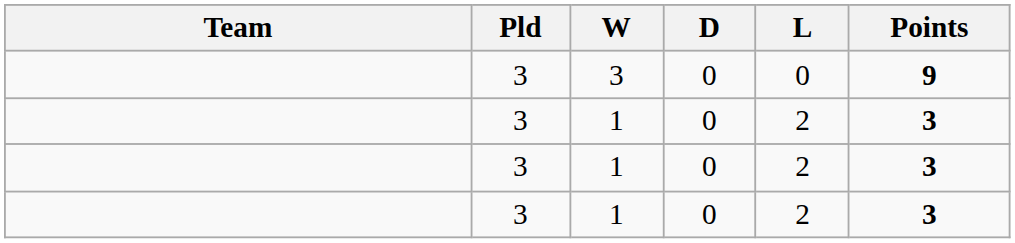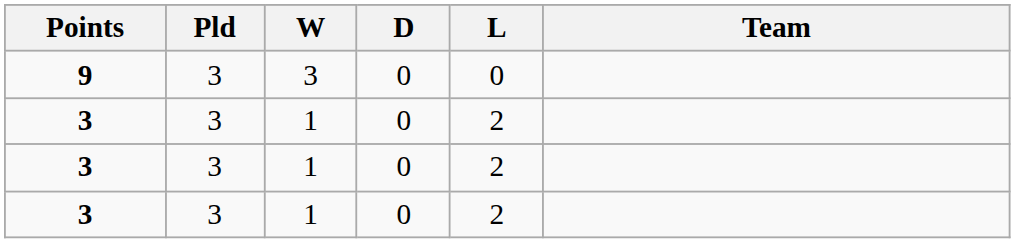 <table class=wikitable style="text-align:center" width=550>
 <tr>
-<th width=25%>Team</th>
+<th width=8%>Points</th>
 <th width=5%>Pld</th>
 <th width=5%>W</th>
 <th width=5%>D</th>
 <th width=5%>L</th>
-<th width=8%>Points</th>
+<th width=25%>Team</th>
 </tr>
 <tr>
-<td align="left"></td>
+<td><strong>9</strong></td>
 <td>3</td>
 <td>3</td>
 <td>0</td>
 <td>0</td>
-<td><strong>9</strong></td>
+<td align="left"></td>
 </tr>
 <tr>
-<td align="left"></td>
+<td><strong>3</strong></td>
 <td>3</td>
 <td>1</td>
 <td>0</td>
 <td>2</td>
-<td><strong>3</strong></td>
+<td align="left"></td>
 </tr>
 <tr>
-<td align="left"></td>
+<td><strong>3</strong></td>
 <td>3</td>
 <td>1</td>
 <td>0</td>
 <td>2</td>
-<td><strong>3</strong></td>
+<td align="left"></td>
 </tr>
 <tr>
-<td align="left"></td>
+<td><strong>3</strong></td>
 <td>3</td>
 <td>1</td>
 <td>0</td>
 <td>2</td>
-<td><strong>3</strong></td>
+<td align="left"></td>
 </tr>
 </table>
